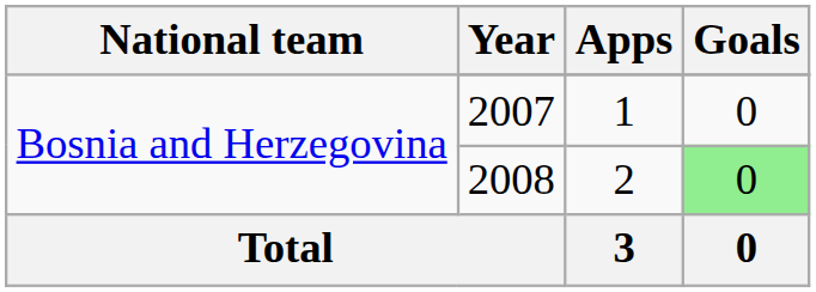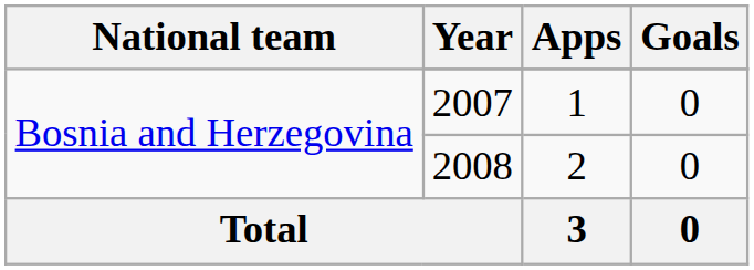 <table class="wikitable" style="text-align:center">
 <tr>
 <th>National team</th>
 <th>Year</th>
 <th>Apps</th>
 <th>Goals</th>
 </tr>
 <tr>
 <td rowspan=3><a href='#'>Bosnia and Herzegovina</a></td>
 </tr>
 <tr>
 <td>2007</td>
 <td>1</td>
 <td>0</td>
 </tr>
 <tr>
 <td>2008</td>
 <td>2</td>
-<td style="background: lightgreen;">0</td>
+<td>0</td>
 </tr>
 <tr>
 <th colspan=2>Total</th>
 <th>3</th>
 <th>0</th>
 </tr>
 </table>
